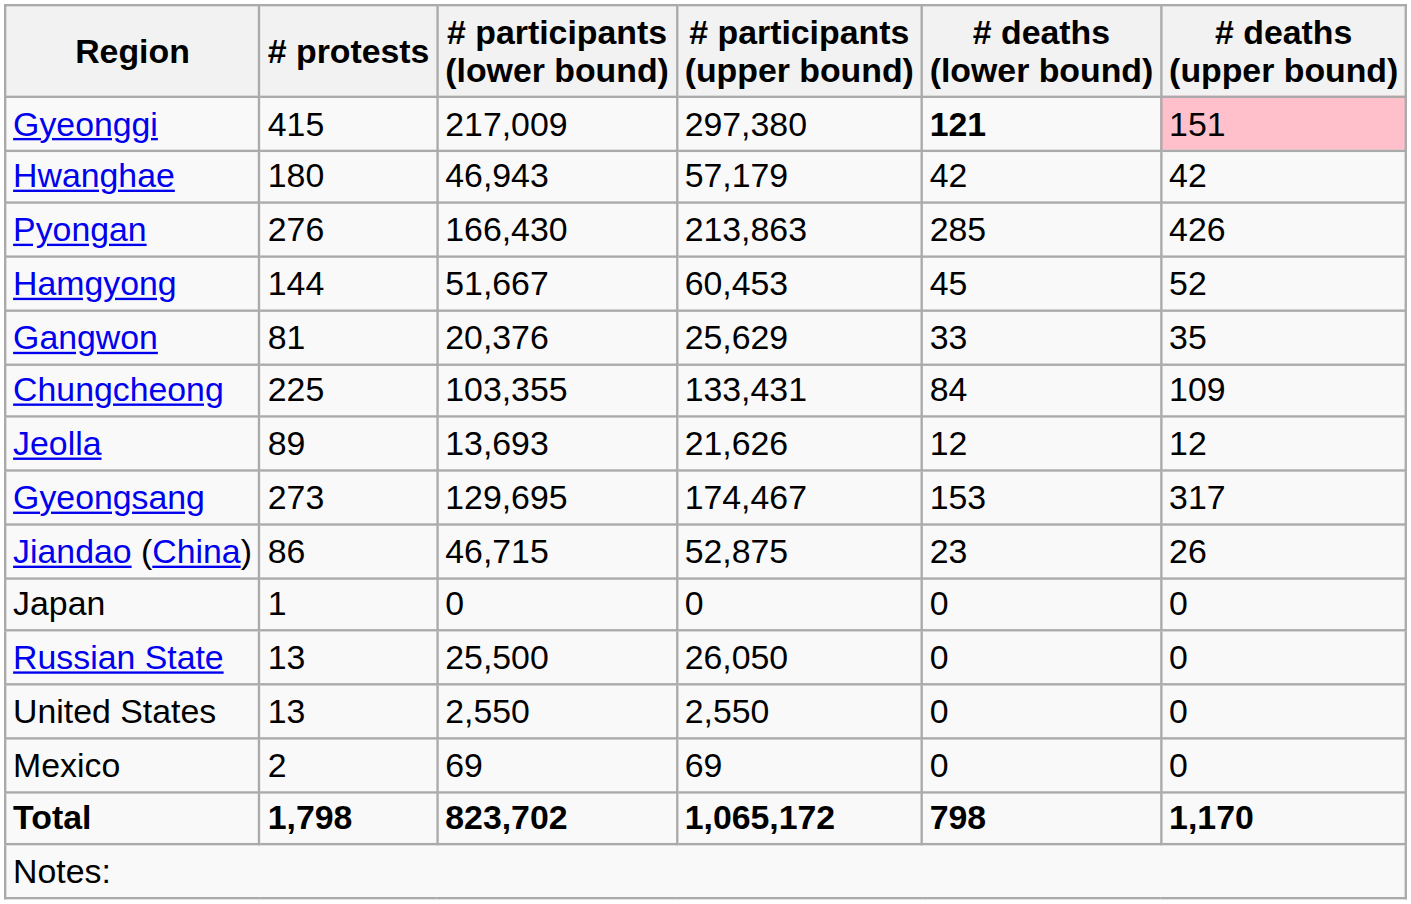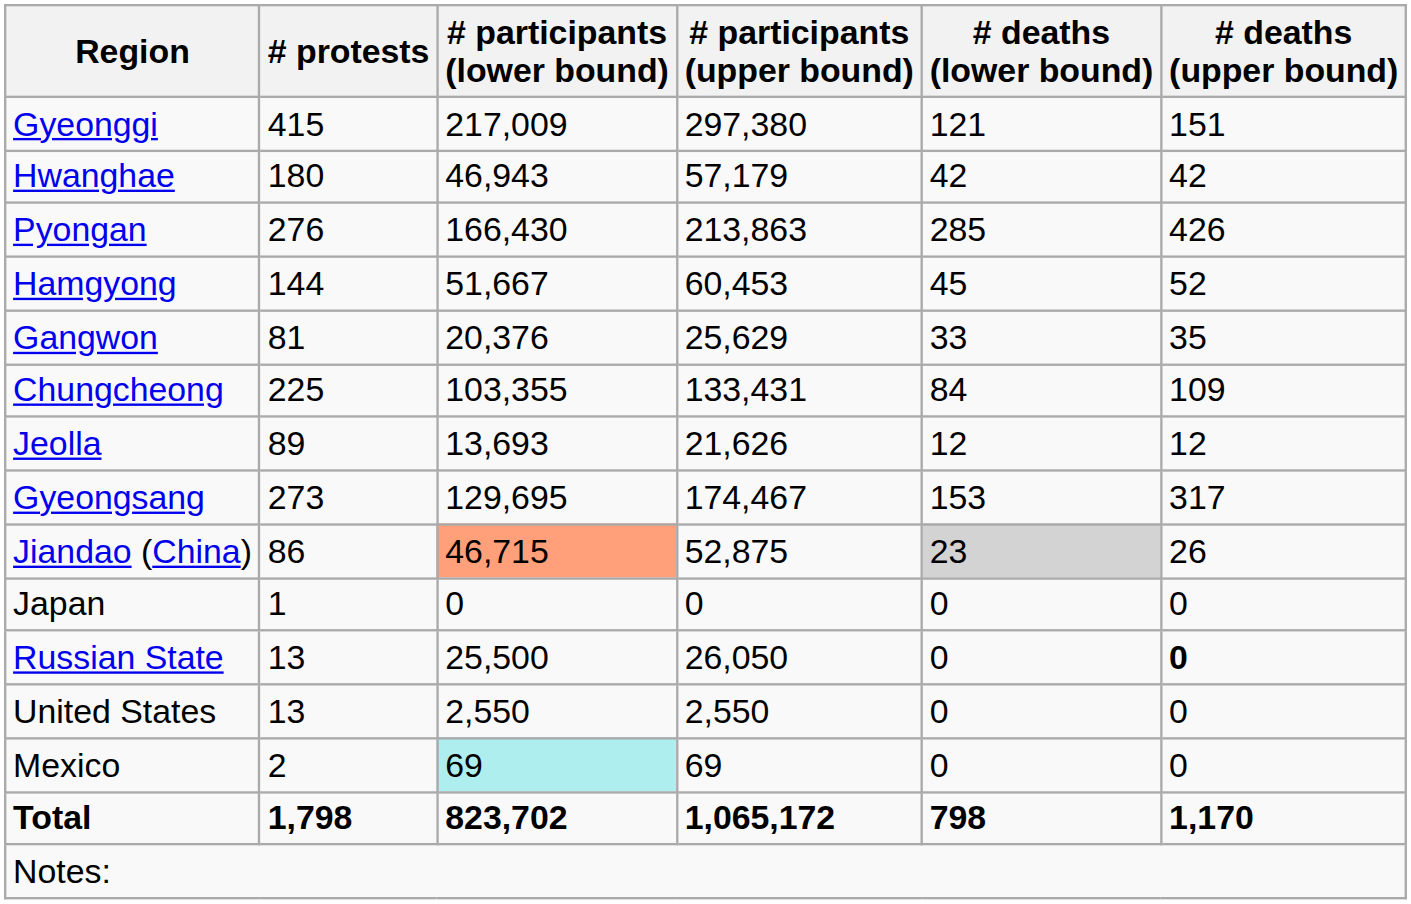 <table class="wikitable" style="font-size:90%">
 <tr>
 <th>Region</th>
 <th># protests</th>
 <th># participants<br>(lower bound)</th>
 <th># participants<br>(upper bound)</th>
 <th># deaths<br>(lower bound)</th>
 <th># deaths<br>(upper bound)</th>
 </tr>
 <tr>
 <td><a href='#'>Gyeonggi</a></td>
 <td>415</td>
 <td>217,009</td>
 <td>297,380</td>
-<td><strong>121</strong></td>
-<td style="background: pink;">151</td>
+<td>121</td>
+<td>151</td>
 </tr>
 <tr>
 <td><a href='#'>Hwanghae</a></td>
 <td>180</td>
 <td>46,943</td>
 <td>57,179</td>
 <td>42</td>
 <td>42</td>
 </tr>
 <tr>
 <td><a href='#'>Pyongan</a></td>
 <td>276</td>
 <td>166,430</td>
 <td>213,863</td>
 <td>285</td>
 <td>426</td>
 </tr>
 <tr>
 <td><a href='#'>Hamgyong</a></td>
 <td>144</td>
 <td>51,667</td>
 <td>60,453</td>
 <td>45</td>
 <td>52</td>
 </tr>
 <tr>
 <td><a href='#'>Gangwon</a></td>
 <td>81</td>
 <td>20,376</td>
 <td>25,629</td>
 <td>33</td>
 <td>35</td>
 </tr>
 <tr>
 <td><a href='#'>Chungcheong</a></td>
 <td>225</td>
 <td>103,355</td>
 <td>133,431</td>
 <td>84</td>
 <td>109</td>
 </tr>
 <tr>
 <td><a href='#'>Jeolla</a></td>
 <td>89</td>
 <td>13,693</td>
 <td>21,626</td>
 <td>12</td>
 <td>12</td>
 </tr>
 <tr>
 <td><a href='#'>Gyeongsang</a></td>
 <td>273</td>
 <td>129,695</td>
 <td>174,467</td>
 <td>153</td>
 <td>317</td>
 </tr>
 <tr>
 <td><a href='#'>Jiandao</a> (<a href='#'>China</a>)</td>
 <td>86</td>
-<td>46,715</td>
+<td style="background: lightsalmon;">46,715</td>
 <td>52,875</td>
-<td>23</td>
+<td style="background: lightgrey;">23</td>
 <td>26</td>
 </tr>
 <tr>
 <td>Japan</td>
 <td>1</td>
 <td>0</td>
 <td>0</td>
 <td>0</td>
 <td>0</td>
 </tr>
 <tr>
 <td><a href='#'>Russian State</a></td>
 <td>13</td>
 <td>25,500</td>
 <td>26,050</td>
 <td>0</td>
-<td>0</td>
+<td><strong>0</strong></td>
 </tr>
 <tr>
 <td>United States</td>
 <td>13</td>
 <td>2,550</td>
 <td>2,550</td>
 <td>0</td>
 <td>0</td>
 </tr>
 <tr>
 <td>Mexico</td>
 <td>2</td>
-<td>69</td>
+<td style="background: paleturquoise;">69</td>
 <td>69</td>
 <td>0</td>
 <td>0</td>
 </tr>
 <tr>
 <td><strong>Total</strong></td>
 <td><strong>1,798</strong></td>
 <td><strong>823,702</strong></td>
 <td><strong>1,065,172</strong></td>
 <td><strong>798</strong></td>
 <td><strong>1,170</strong></td>
 </tr>
 <tr>
 <td colspan="6" style="text-align:left;">Notes:<br></td>
 </tr>
 </table>
